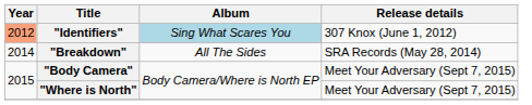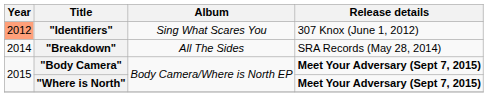 <table class="wikitable plainrowheaders" style="text-align:center;">
 <tr>
 <th scope="col" rowspan="1">Year</th>
 <th scope="col" rowspan="1">Title</th>
 <th scope="col" rowspan="1">Album</th>
 <th scope="col" rowspan="1">Release details</th>
 </tr>
 <tr>
 <td rowspan="1" style="background: lightsalmon;">2012</td>
 <th scope="row">"Identifiers"</th>
-<td style="background: lightblue;"><em> Sing What Scares You</em></td>
+<td><em> Sing What Scares You</em></td>
 <td align=left>307 Knox (June 1, 2012)</td>
 </tr>
 <tr>
 <td rowspan="1">2014</td>
 <th scope="row">"Breakdown"</th>
 <td><em>All The Sides</em></td>
 <td align=left>SRA Records (May 28, 2014)</td>
 </tr>
 <tr>
 <td rowspan="2">2015</td>
 <th scope="row">"Body Camera"</th>
 <td rowspan="2"><em>Body Camera/Where is North EP</em></td>
-<td align=left>Meet Your Adversary (Sept 7, 2015)</td>
+<td align=left><strong>Meet Your Adversary (Sept 7, 2015)</strong></td>
 </tr>
 <tr>
 <th scope="row">"Where is North"</th>
-<td align=left>Meet Your Adversary (Sept 7, 2015)</td>
+<td align=left><strong>Meet Your Adversary (Sept 7, 2015)</strong></td>
 </tr>
 <tr>
 </tr>
 </table>
